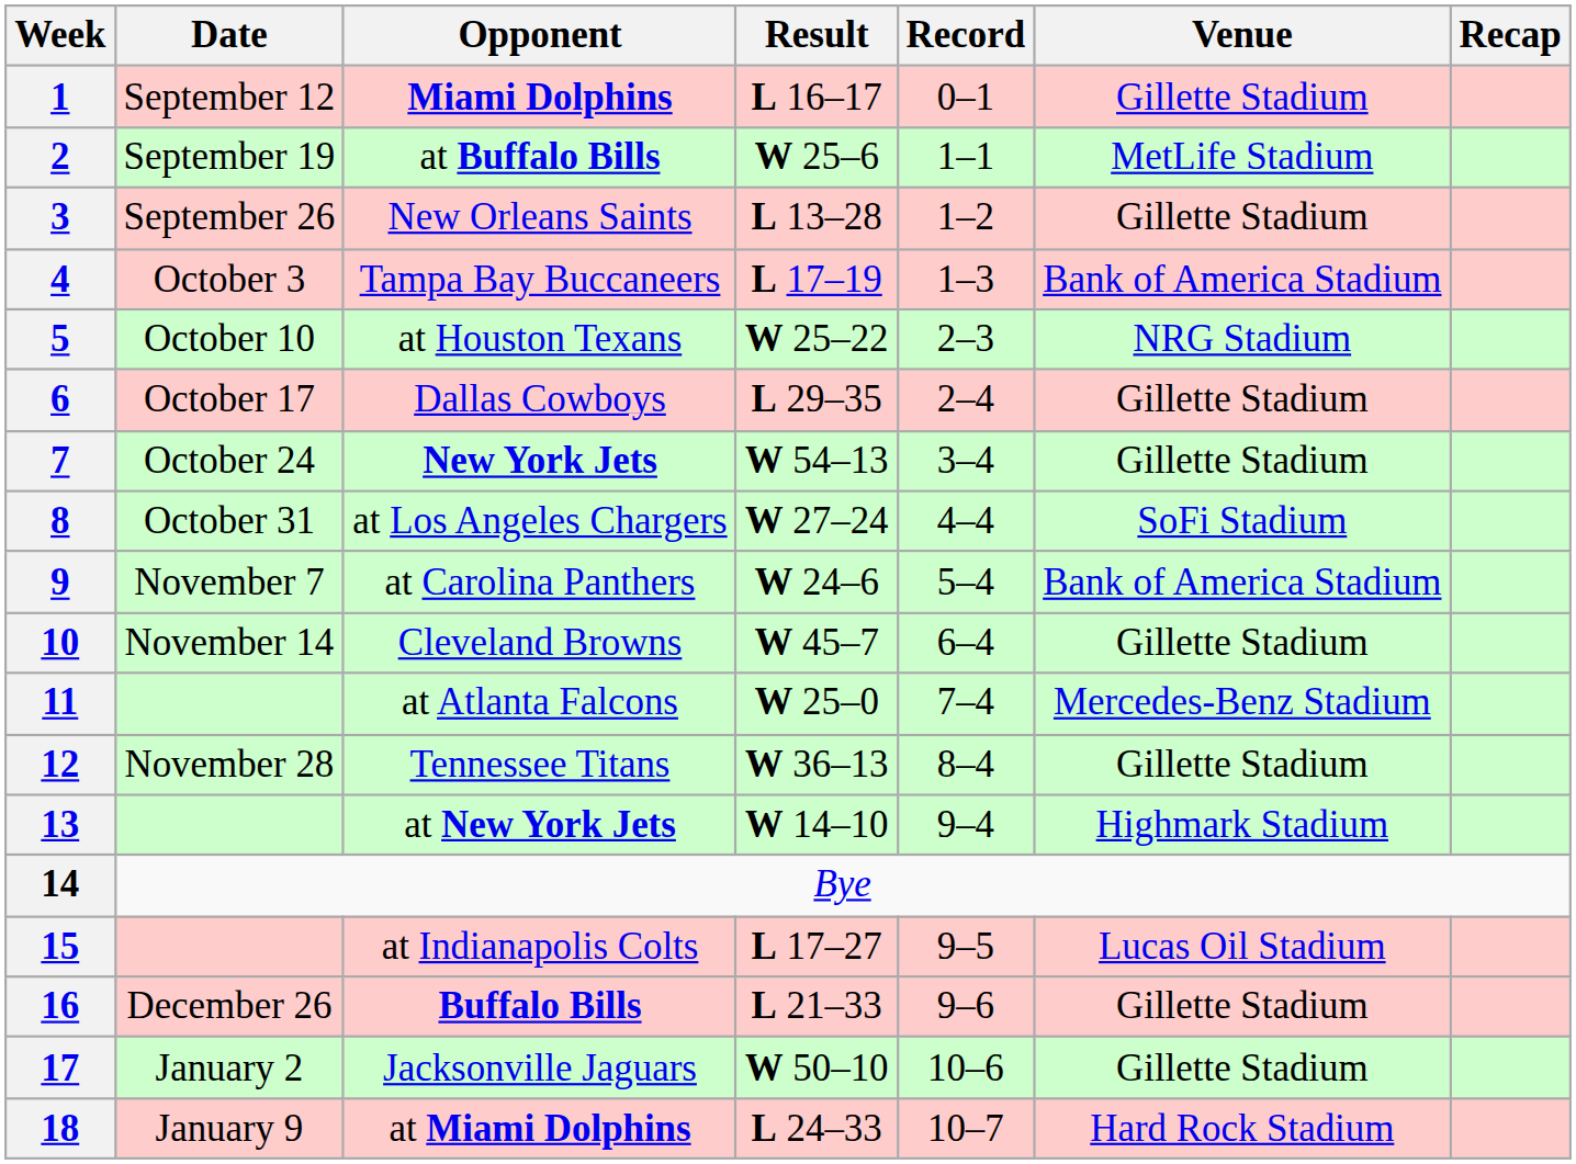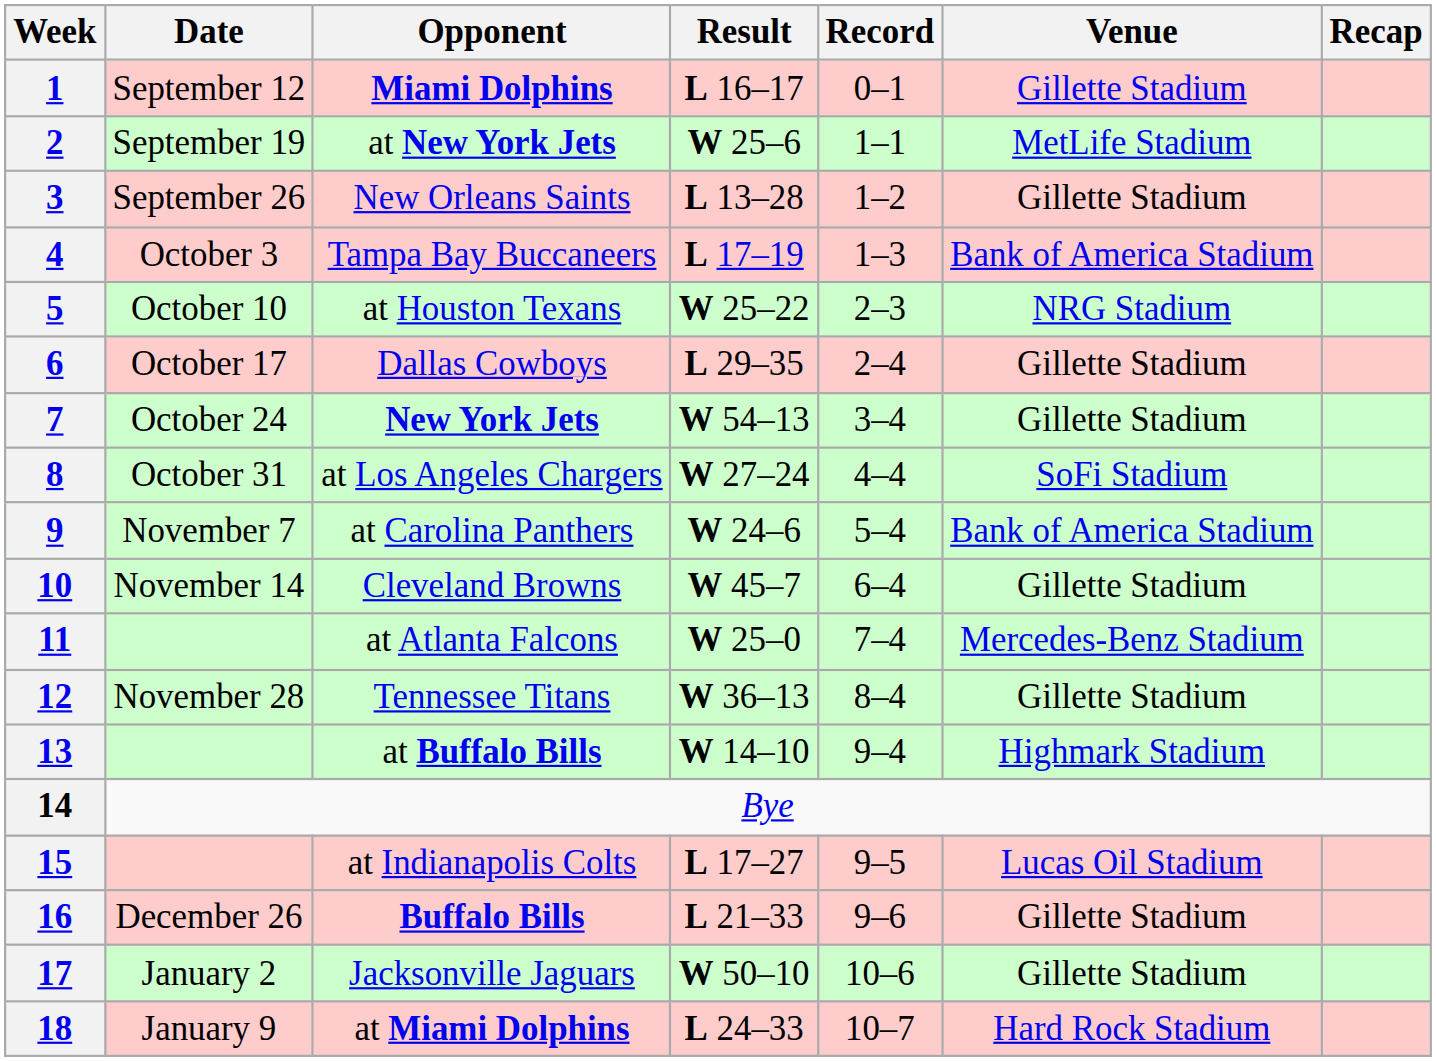 <table class="wikitable" style="text-align:center">
 <tr>
 <th>Week</th>
 <th>Date</th>
 <th>Opponent</th>
 <th>Result</th>
 <th>Record</th>
 <th>Venue</th>
 <th>Recap</th>
 </tr>
 <tr style="background:#fcc">
 <th><a href='#'>1</a></th>
 <td>September 12</td>
 <td><strong><a href='#'>Miami Dolphins</a></strong></td>
 <td><strong>L</strong> 16–17</td>
 <td>0–1</td>
 <td><a href='#'>Gillette Stadium</a></td>
 <td></td>
 </tr>
 <tr style="background:#cfc">
 <th><a href='#'>2</a></th>
 <td>September 19</td>
-<td>at <strong><a href='#'>Buffalo Bills</a></strong></td>
+<td>at <strong><a href='#'>New York Jets</a></strong></td>
 <td><strong>W</strong> 25–6</td>
 <td>1–1</td>
 <td><a href='#'>MetLife Stadium</a></td>
 <td></td>
 </tr>
 <tr style="background:#fcc">
 <th><a href='#'>3</a></th>
 <td>September 26</td>
 <td><a href='#'>New Orleans Saints</a></td>
 <td><strong>L</strong> 13–28</td>
 <td>1–2</td>
 <td>Gillette Stadium</td>
 <td></td>
 </tr>
 <tr style="background:#fcc">
 <th><a href='#'>4</a></th>
 <td>October 3</td>
 <td><a href='#'>Tampa Bay Buccaneers</a></td>
 <td><strong>L</strong> <a href='#'>17–19</a></td>
 <td>1–3</td>
 <td><a href='#'>Bank of America Stadium</a></td>
 <td></td>
 </tr>
 <tr style="background:#cfc">
 <th><a href='#'>5</a></th>
 <td>October 10</td>
 <td>at <a href='#'>Houston Texans</a></td>
 <td><strong>W</strong> 25–22</td>
 <td>2–3</td>
 <td><a href='#'>NRG Stadium</a></td>
 <td></td>
 </tr>
 <tr style="background:#fcc">
 <th><a href='#'>6</a></th>
 <td>October 17</td>
 <td><a href='#'>Dallas Cowboys</a></td>
 <td><strong>L</strong> 29–35 </td>
 <td>2–4</td>
 <td>Gillette Stadium</td>
 <td></td>
 </tr>
 <tr style="background:#cfc">
 <th><a href='#'>7</a></th>
 <td>October 24</td>
 <td><strong><a href='#'>New York Jets</a></strong></td>
 <td><strong>W</strong> 54–13</td>
 <td>3–4</td>
 <td>Gillette Stadium</td>
 <td></td>
 </tr>
 <tr style="background:#cfc">
 <th><a href='#'>8</a></th>
 <td>October 31</td>
 <td>at <a href='#'>Los Angeles Chargers</a></td>
 <td><strong>W</strong> 27–24</td>
 <td>4–4</td>
 <td><a href='#'>SoFi Stadium</a></td>
 <td></td>
 </tr>
 <tr style="background:#cfc">
 <th><a href='#'>9</a></th>
 <td>November 7</td>
 <td>at <a href='#'>Carolina Panthers</a></td>
 <td><strong>W</strong> 24–6</td>
 <td>5–4</td>
 <td><a href='#'>Bank of America Stadium</a></td>
 <td></td>
 </tr>
 <tr style="background:#cfc">
 <th><a href='#'>10</a></th>
 <td>November 14</td>
 <td><a href='#'>Cleveland Browns</a></td>
 <td><strong>W</strong> 45–7</td>
 <td>6–4</td>
 <td>Gillette Stadium</td>
 <td></td>
 </tr>
 <tr style="background:#cfc">
 <th><a href='#'>11</a></th>
 <td></td>
 <td>at <a href='#'>Atlanta Falcons</a></td>
 <td><strong>W</strong> 25–0</td>
 <td>7–4</td>
 <td><a href='#'>Mercedes-Benz Stadium</a></td>
 <td></td>
 </tr>
 <tr style="background:#cfc">
 <th><a href='#'>12</a></th>
 <td>November 28</td>
 <td><a href='#'>Tennessee Titans</a></td>
 <td><strong>W</strong> 36–13</td>
 <td>8–4</td>
 <td>Gillette Stadium</td>
 <td></td>
 </tr>
 <tr style="background:#cfc">
 <th><a href='#'>13</a></th>
 <td></td>
-<td>at <strong><a href='#'>New York Jets</a></strong></td>
+<td>at <strong><a href='#'>Buffalo Bills</a></strong></td>
 <td><strong>W</strong> 14–10</td>
 <td>9–4</td>
 <td><a href='#'>Highmark Stadium</a></td>
 <td></td>
 </tr>
 <tr>
 <th>14</th>
 <td colspan="6"><em><a href='#'>Bye</a></em></td>
 </tr>
 <tr style="background:#fcc">
 <th><a href='#'>15</a></th>
 <td></td>
 <td>at <a href='#'>Indianapolis Colts</a></td>
 <td><strong>L</strong> 17–27</td>
 <td>9–5</td>
 <td><a href='#'>Lucas Oil Stadium</a></td>
 <td></td>
 </tr>
 <tr style="background:#fcc">
 <th><a href='#'>16</a></th>
 <td>December 26</td>
 <td><strong><a href='#'>Buffalo Bills</a></strong></td>
 <td><strong>L</strong> 21–33</td>
 <td>9–6</td>
 <td>Gillette Stadium</td>
 <td></td>
 </tr>
 <tr style="background:#cfc">
 <th><a href='#'>17</a></th>
 <td>January 2</td>
 <td><a href='#'>Jacksonville Jaguars</a></td>
 <td><strong>W</strong> 50–10</td>
 <td>10–6</td>
 <td>Gillette Stadium</td>
 <td></td>
 </tr>
 <tr style="background:#fcc">
 <th><a href='#'>18</a></th>
 <td>January 9</td>
 <td>at <strong><a href='#'>Miami Dolphins</a></strong></td>
 <td><strong>L</strong> 24–33</td>
 <td>10–7</td>
 <td><a href='#'>Hard Rock Stadium</a></td>
 <td></td>
 </tr>
 </table>
